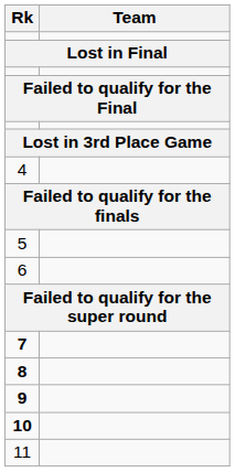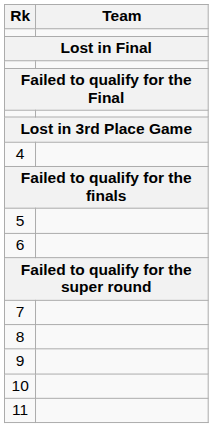 <table class=wikitable style=text-align:center>
 <tr>
 <th width=25>Rk</th>
 <th width=170>Team</th>
 </tr>
 <tr>
 <td></td>
 <td align=left></td>
 </tr>
 <tr>
 <th colspan="6">Lost in Final</th>
 </tr>
 <tr>
 <td></td>
 <td align=left></td>
 </tr>
 <tr>
 <th colspan="6">Failed to qualify for the Final</th>
 </tr>
 <tr>
 <td></td>
 <td align=left></td>
 </tr>
 <tr>
 <th colspan="6">Lost in 3rd Place Game</th>
 </tr>
 <tr>
 <td>4</td>
 <td align=left></td>
 </tr>
 <tr>
 <th colspan="6">Failed to qualify for the finals</th>
 </tr>
 <tr>
 <td>5</td>
 <td align=left></td>
 </tr>
 <tr>
 <td>6</td>
 <td align=left></td>
 </tr>
 <tr>
 <th colspan="6">Failed to qualify for the super round</th>
 </tr>
 <tr>
-<td><strong>7</strong></td>
+<td>7</td>
 <td align=left></td>
 </tr>
 <tr>
-<td><strong>8</strong></td>
+<td>8</td>
 <td align=left></td>
 </tr>
 <tr>
-<td><strong>9</strong></td>
+<td>9</td>
 <td align=left></td>
 </tr>
 <tr>
-<td><strong>10</strong></td>
+<td>10</td>
 <td align=left></td>
 </tr>
 <tr>
 <td>11</td>
 <td align=left></td>
 </tr>
 </table>
